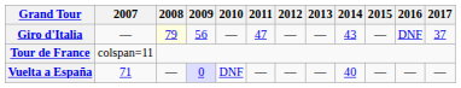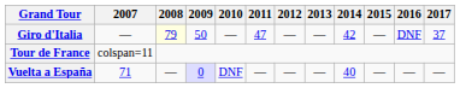 <table class="wikitable plainrowheaders">
 <tr>
 <th scope="col"><a href='#'>Grand Tour</a></th>
 <th scope="col">2007</th>
 <th scope="col">2008</th>
 <th scope="col">2009</th>
 <th scope="col">2010</th>
 <th scope="col">2011</th>
 <th scope="col">2012</th>
 <th scope="col">2013</th>
 <th scope="col">2014</th>
 <th scope="col">2015</th>
 <th scope="col">2016</th>
 <th scope="col">2017</th>
 </tr>
 <tr style="text-align:center;">
 <th scope="row"> <a href='#'>Giro d'Italia</a></th>
 <td>—</td>
 <td style="background: lightyellow;"><a href='#'>79</a></td>
-<td><a href='#'>56</a></td>
+<td><a href='#'>50</a></td>
 <td>—</td>
 <td><a href='#'>47</a></td>
 <td>—</td>
 <td>—</td>
-<td><a href='#'>43</a></td>
+<td><a href='#'>42</a></td>
 <td>—</td>
 <td><a href='#'>DNF</a></td>
 <td><a href='#'>37</a></td>
 </tr>
 <tr style="text-align:center;">
 <th scope="row"> <a href='#'>Tour de France</a></th>
 <td>colspan=11 </td>
 </tr>
 <tr style="text-align:center;">
 <th scope="row"> <a href='#'>Vuelta a España</a></th>
 <td><a href='#'>71</a></td>
 <td>—</td>
 <td style="text-align:center; background:#ddf;"><a href='#'>0</a></td>
 <td><a href='#'>DNF</a></td>
 <td>—</td>
 <td>—</td>
 <td>—</td>
 <td><a href='#'>40</a></td>
 <td>—</td>
 <td>—</td>
 <td>—</td>
 </tr>
 </table>
